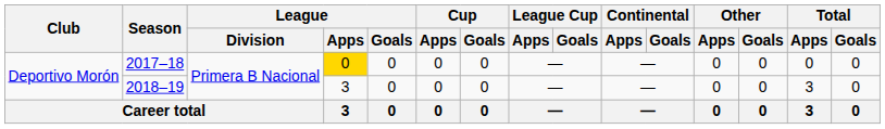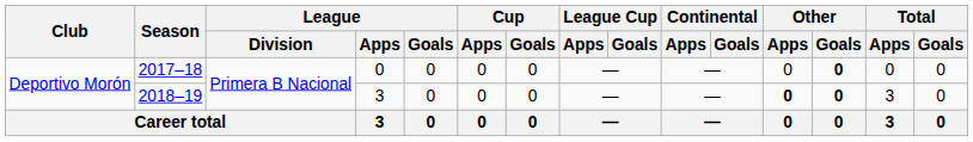 <table class="wikitable" style="text-align:center">
 <tr>
 <th rowspan="2">Club</th>
 <th rowspan="2">Season</th>
 <th colspan="3">League</th>
 <th colspan="2">Cup</th>
 <th colspan="2">League Cup</th>
 <th colspan="2">Continental</th>
 <th colspan="2">Other</th>
 <th colspan="2">Total</th>
 </tr>
 <tr>
 <th>Division</th>
 <th>Apps</th>
 <th>Goals</th>
 <th>Apps</th>
 <th>Goals</th>
 <th>Apps</th>
 <th>Goals</th>
 <th>Apps</th>
 <th>Goals</th>
 <th>Apps</th>
 <th>Goals</th>
 <th>Apps</th>
 <th>Goals</th>
 </tr>
 <tr>
 <td rowspan="2"><a href='#'>Deportivo Morón</a></td>
 <td><a href='#'>2017–18</a></td>
 <td rowspan="2"><a href='#'>Primera B Nacional</a></td>
-<td style="background: gold;">0</td>
+<td>0</td>
 <td>0</td>
 <td>0</td>
 <td>0</td>
 <td colspan="2">—</td>
 <td colspan="2">—</td>
 <td>0</td>
-<td>0</td>
+<td><strong>0</strong></td>
 <td>0</td>
 <td>0</td>
 </tr>
 <tr>
 <td><a href='#'>2018–19</a></td>
 <td>3</td>
 <td>0</td>
 <td>0</td>
 <td>0</td>
 <td colspan="2">—</td>
 <td colspan="2">—</td>
-<td>0</td>
-<td>0</td>
+<td><strong>0</strong></td>
+<td><strong>0</strong></td>
 <td>3</td>
 <td>0</td>
 </tr>
 <tr>
 <th colspan="3">Career total</th>
 <th>3</th>
 <th>0</th>
 <th>0</th>
 <th>0</th>
 <th colspan="2">—</th>
 <th colspan="2">—</th>
 <th>0</th>
 <th>0</th>
 <th>3</th>
 <th>0</th>
 </tr>
 </table>
